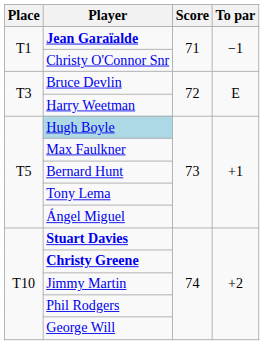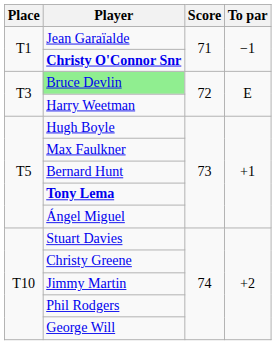 <table class="wikitable">
 <tr>
 <th>Place</th>
 <th>Player</th>
 <th>Score</th>
 <th>To par</th>
 </tr>
 <tr>
 <td rowspan="2" align=center>T1</td>
-<td><strong> <a href='#'>Jean Garaïalde</a></strong></td>
+<td> <a href='#'>Jean Garaïalde</a></td>
 <td rowspan="2" align=center>71</td>
 <td rowspan="2" align=center>−1</td>
 </tr>
 <tr>
-<td> <a href='#'>Christy O'Connor Snr</a></td>
+<td><strong> <a href='#'>Christy O'Connor Snr</a></strong></td>
 </tr>
 <tr>
 <td rowspan="2" align=center>T3</td>
-<td> <a href='#'>Bruce Devlin</a></td>
+<td style="background: lightgreen;"> <a href='#'>Bruce Devlin</a></td>
 <td rowspan="2" align=center>72</td>
 <td rowspan="2" align=center>E</td>
 </tr>
 <tr>
 <td> <a href='#'>Harry Weetman</a></td>
 </tr>
 <tr>
 <td rowspan="5" align=center>T5</td>
-<td style="background: lightblue;"> <a href='#'>Hugh Boyle</a></td>
+<td> <a href='#'>Hugh Boyle</a></td>
 <td rowspan="5" align=center>73</td>
 <td rowspan="5" align=center>+1</td>
 </tr>
 <tr>
 <td> <a href='#'>Max Faulkner</a></td>
 </tr>
 <tr>
 <td> <a href='#'>Bernard Hunt</a></td>
 </tr>
 <tr>
-<td> <a href='#'>Tony Lema</a></td>
+<td><strong> <a href='#'>Tony Lema</a></strong></td>
 </tr>
 <tr>
 <td> <a href='#'>Ángel Miguel</a></td>
 </tr>
 <tr>
 <td rowspan="5" align=center>T10</td>
-<td><strong> <a href='#'>Stuart Davies</a></strong></td>
+<td> <a href='#'>Stuart Davies</a></td>
 <td rowspan="5" align=center>74</td>
 <td rowspan="5" align=center>+2</td>
 </tr>
 <tr>
-<td><strong> <a href='#'>Christy Greene</a></strong></td>
+<td> <a href='#'>Christy Greene</a></td>
 </tr>
 <tr>
 <td> <a href='#'>Jimmy Martin</a></td>
 </tr>
 <tr>
 <td> <a href='#'>Phil Rodgers</a></td>
 </tr>
 <tr>
 <td> <a href='#'>George Will</a></td>
 </tr>
 </table>
